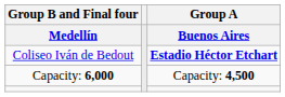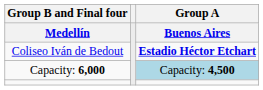 <table class="wikitable" style="text-align:center;margin:auto;">
 <tr>
 <th>Group B and Final four</th>
 <th></th>
 <th>Group A</th>
 </tr>
 <tr>
 <th> <a href='#'>Medellín</a></th>
 <td style="background:#ececec;color:#2C2C2C;vertical-align:middle;text-align: center;" rowspan="5"></td>
 <th> <a href='#'>Buenos Aires</a></th>
 </tr>
 <tr>
 <td><a href='#'>Coliseo Iván de Bedout</a></td>
 <td><strong><a href='#'>Estadio Héctor Etchart</a></strong></td>
 </tr>
 <tr>
 <td>Capacity: <strong>6,000</strong></td>
-<td>Capacity: <strong>4,500</strong></td>
+<td style="background: lightblue;">Capacity: <strong>4,500</strong></td>
 </tr>
 <tr>
 <td></td>
 <td></td>
 </tr>
 </table>
